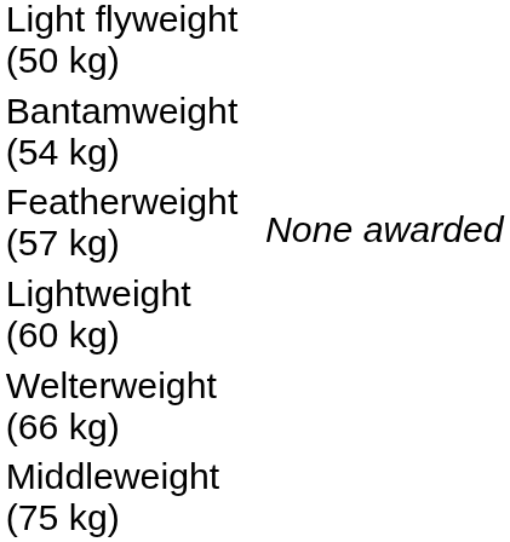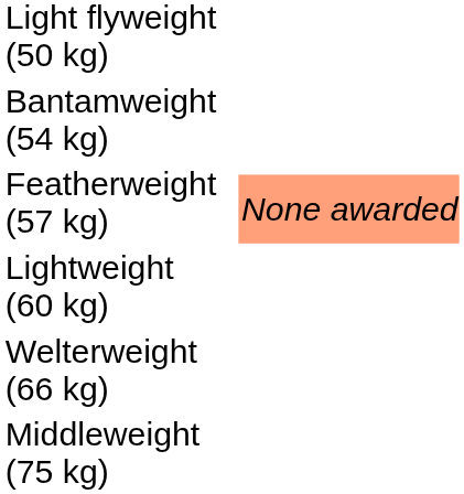 <table>
 <tr>
 <td rowspan=2>Light flyweight<br>(50 kg) </td>
 <td rowspan=2></td>
 <td rowspan=2></td>
 <td></td>
 </tr>
 <tr>
 <td></td>
 </tr>
 <tr>
 <td rowspan=2>Bantamweight<br>(54 kg) </td>
 <td rowspan=2></td>
 <td rowspan=2></td>
 <td></td>
 </tr>
 <tr>
 <td></td>
 </tr>
 <tr>
 <td rowspan=2>Featherweight<br>(57 kg) </td>
 <td rowspan=2></td>
 <td rowspan=2></td>
 <td></td>
 </tr>
 <tr>
-<td><em>None awarded</em></td>
+<td style="background: lightsalmon;"><em>None awarded</em></td>
 </tr>
 <tr>
 <td rowspan=2>Lightweight<br>(60 kg) </td>
 <td rowspan=2></td>
 <td rowspan=2></td>
 <td></td>
 </tr>
 <tr>
 <td></td>
 </tr>
 <tr>
 <td rowspan=2>Welterweight<br>(66 kg) </td>
 <td rowspan=2></td>
 <td rowspan=2></td>
 <td></td>
 </tr>
 <tr>
 <td></td>
 </tr>
 <tr>
 <td rowspan=2>Middleweight<br>(75 kg) </td>
 <td rowspan=2></td>
 <td rowspan=2></td>
 <td></td>
 </tr>
 <tr>
 <td></td>
 </tr>
 </table>
